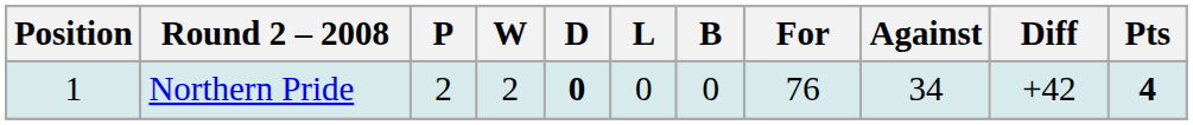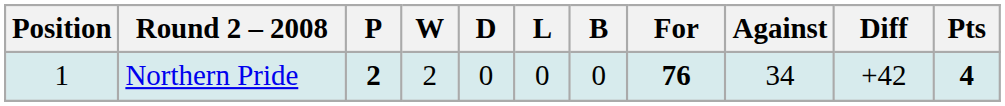 <table class="wikitable" style="text-align:center; font-size:85%;">
 <tr>
 <th width=40 abbr="Position">Position</th>
 <th width=100>Round 2 – 2008</th>
 <th width=20 abbr="Played">P</th>
 <th width=20 abbr="Won">W</th>
 <th width=20 abbr="Drawn">D</th>
 <th width=20 abbr="Lost">L</th>
 <th width=20 abbr="Bye">B</th>
 <th width=40 abbr="Points for">For</th>
 <th width=40 abbr="Points against">Against</th>
 <th width=40 abbr="Points difference">Diff</th>
 <th width=25 abbr="Points">Pts</th>
 </tr>
 <tr style="background: #d7ebed;">
 <td>1</td>
 <td style="text-align:left;"> <a href='#'>Northern Pride</a></td>
+<td><strong>2</strong></td>
 <td>2</td>
-<td>2</td>
-<td><strong>0</strong></td>
 <td>0</td>
 <td>0</td>
-<td>76</td>
+<td>0</td>
+<td><strong>76</strong></td>
 <td>34</td>
 <td>+42</td>
 <td><strong>4</strong></td>
 </tr>
 <tr>
 </tr>
 </table>
